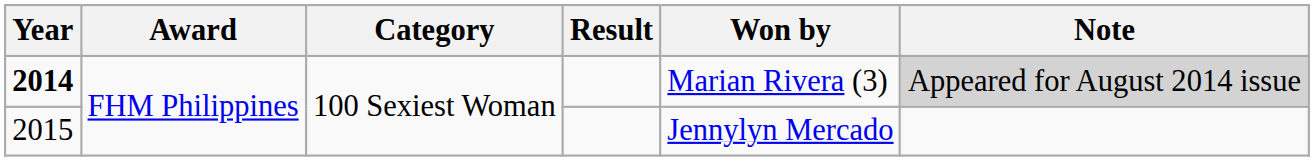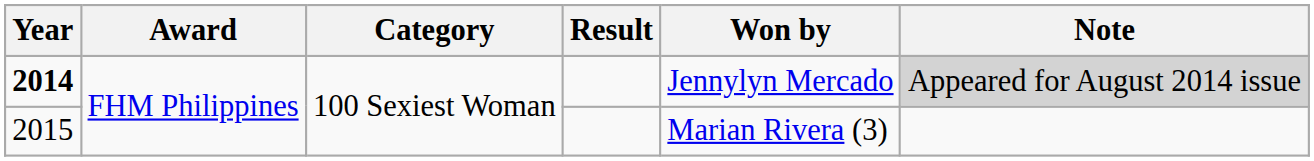 <table class="wikitable" style="font-size: 90%;">
 <tr>
 <th>Year</th>
 <th>Award</th>
 <th>Category</th>
 <th>Result</th>
 <th>Won by</th>
 <th>Note</th>
 </tr>
 <tr>
 <td><strong>2014</strong></td>
 <td rowspan=2><a href='#'>FHM Philippines</a></td>
 <td rowspan=2>100 Sexiest Woman</td>
 <td></td>
-<td><a href='#'>Marian Rivera</a> (3)</td>
+<td><a href='#'>Jennylyn Mercado</a></td>
 <td style="background: lightgrey;">Appeared for August 2014 issue</td>
 </tr>
 <tr>
 <td>2015</td>
 <td></td>
-<td><a href='#'>Jennylyn Mercado</a></td>
+<td><a href='#'>Marian Rivera</a> (3)</td>
 <td></td>
 </tr>
 </table>
